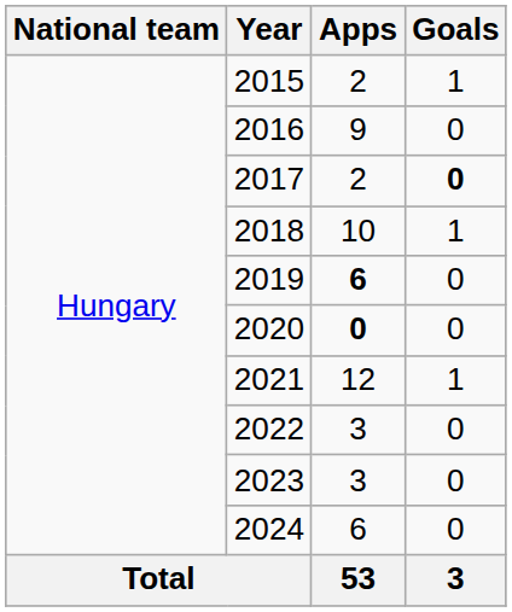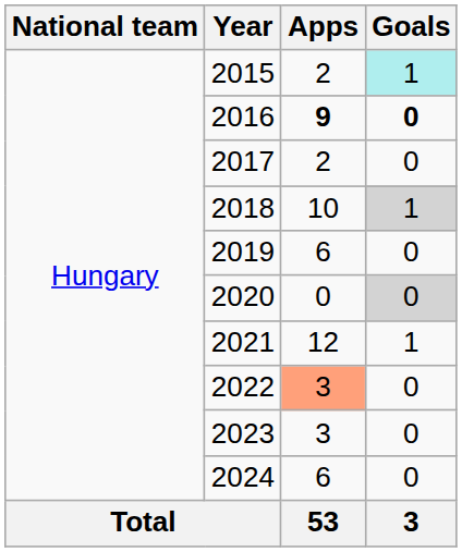 <table class="wikitable" style="text-align:center">
 <tr>
 <th>National team</th>
 <th>Year</th>
 <th>Apps</th>
 <th>Goals</th>
 </tr>
 <tr>
 <td rowspan="10"><a href='#'>Hungary</a></td>
 <td>2015</td>
 <td>2</td>
-<td>1</td>
+<td style="background: paleturquoise;">1</td>
 </tr>
 <tr>
 <td>2016</td>
-<td>9</td>
-<td>0</td>
+<td><strong>9</strong></td>
+<td><strong>0</strong></td>
 </tr>
 <tr>
 <td>2017</td>
 <td>2</td>
-<td><strong>0</strong></td>
+<td>0</td>
 </tr>
 <tr>
 <td>2018</td>
 <td>10</td>
-<td>1</td>
+<td style="background: lightgrey;">1</td>
 </tr>
 <tr>
 <td>2019</td>
-<td><strong>6</strong></td>
+<td>6</td>
 <td>0</td>
 </tr>
 <tr>
 <td>2020</td>
-<td><strong>0</strong></td>
 <td>0</td>
+<td style="background: lightgrey;">0</td>
 </tr>
 <tr>
 <td>2021</td>
 <td>12</td>
 <td>1</td>
 </tr>
 <tr>
 <td>2022</td>
-<td>3</td>
+<td style="background: lightsalmon;">3</td>
 <td>0</td>
 </tr>
 <tr>
 <td>2023</td>
 <td>3</td>
 <td>0</td>
 </tr>
 <tr>
 <td>2024</td>
 <td>6</td>
 <td>0</td>
 </tr>
 <tr>
 <th colspan="2">Total</th>
 <th>53</th>
 <th>3</th>
 </tr>
 </table>
